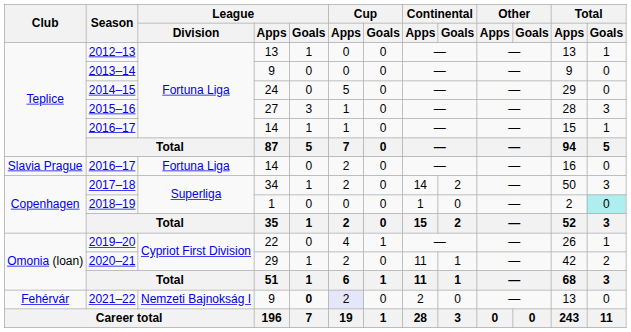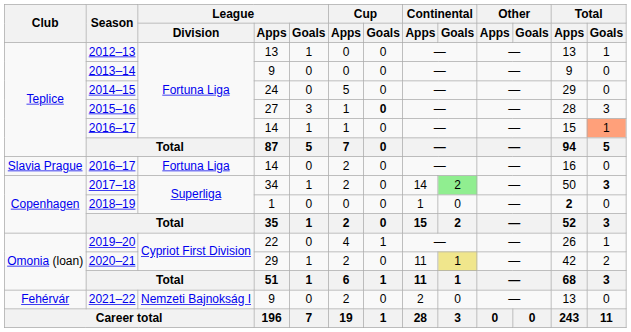 <table class="wikitable" style="text-align:center">
 <tr>
 <th rowspan="2">Club</th>
 <th rowspan="2">Season</th>
 <th colspan="3">League</th>
 <th colspan="2">Cup</th>
 <th colspan="2">Continental</th>
 <th colspan="2">Other</th>
 <th colspan="2">Total</th>
 </tr>
 <tr>
 <th>Division</th>
 <th>Apps</th>
 <th>Goals</th>
 <th>Apps</th>
 <th>Goals</th>
 <th>Apps</th>
 <th>Goals</th>
 <th>Apps</th>
 <th>Goals</th>
 <th>Apps</th>
 <th>Goals</th>
 </tr>
 <tr>
 <td rowspan="6"><a href='#'>Teplice</a></td>
 <td><a href='#'>2012–13</a></td>
 <td rowspan="5"><a href='#'>Fortuna Liga</a></td>
 <td>13</td>
 <td>1</td>
 <td>0</td>
 <td>0</td>
 <td colspan=2>—</td>
 <td colspan=2>—</td>
 <td>13</td>
 <td>1</td>
 </tr>
 <tr>
 <td><a href='#'>2013–14</a></td>
 <td>9</td>
 <td>0</td>
 <td>0</td>
 <td>0</td>
 <td colspan=2>—</td>
 <td colspan=2>—</td>
 <td>9</td>
 <td>0</td>
 </tr>
 <tr>
 <td><a href='#'>2014–15</a></td>
 <td>24</td>
 <td>0</td>
 <td>5</td>
 <td>0</td>
 <td colspan=2>—</td>
 <td colspan=2>—</td>
 <td>29</td>
 <td>0</td>
 </tr>
 <tr>
 <td><a href='#'>2015–16</a></td>
 <td>27</td>
 <td>3</td>
 <td>1</td>
-<td>0</td>
+<td><strong>0</strong></td>
 <td colspan=2>—</td>
 <td colspan=2>—</td>
 <td>28</td>
 <td>3</td>
 </tr>
 <tr>
 <td><a href='#'>2016–17</a></td>
 <td>14</td>
 <td>1</td>
 <td>1</td>
 <td>0</td>
 <td colspan=2>—</td>
 <td colspan=2>—</td>
 <td>15</td>
-<td>1</td>
+<td style="background: lightsalmon;">1</td>
 </tr>
 <tr>
 <th colspan="2">Total</th>
 <th>87</th>
 <th>5</th>
 <th>7</th>
 <th>0</th>
 <th colspan=2>—</th>
 <th colspan=2>—</th>
 <th>94</th>
 <th>5</th>
 </tr>
 <tr>
 <td><a href='#'>Slavia Prague</a></td>
 <td><a href='#'>2016–17</a></td>
 <td><a href='#'>Fortuna Liga</a></td>
 <td>14</td>
 <td>0</td>
 <td>2</td>
 <td>0</td>
 <td colspan=2>—</td>
 <td colspan=2>—</td>
 <td>16</td>
 <td>0</td>
 </tr>
 <tr>
 <td rowspan="3"><a href='#'>Copenhagen</a></td>
 <td><a href='#'>2017–18</a></td>
 <td rowspan="2"><a href='#'>Superliga</a></td>
 <td>34</td>
 <td>1</td>
 <td>2</td>
 <td>0</td>
 <td>14</td>
-<td>2</td>
+<td style="background: lightgreen;">2</td>
 <td colspan=2>—</td>
 <td>50</td>
-<td>3</td>
+<td><strong>3</strong></td>
 </tr>
 <tr>
 <td><a href='#'>2018–19</a></td>
 <td>1</td>
 <td>0</td>
 <td>0</td>
 <td>0</td>
 <td>1</td>
 <td>0</td>
 <td colspan=2>—</td>
-<td>2</td>
-<td style="background: paleturquoise;">0</td>
+<td><strong>2</strong></td>
+<td>0</td>
 </tr>
 <tr>
 <th colspan="2">Total</th>
 <th>35</th>
 <th>1</th>
 <th>2</th>
 <th>0</th>
 <th>15</th>
 <th>2</th>
 <th colspan=2>—</th>
 <th>52</th>
 <th>3</th>
 </tr>
 <tr>
 <td rowspan=3><a href='#'>Omonia</a> (loan)</td>
 <td><a href='#'>2019–20</a></td>
 <td rowspan=2><a href='#'>Cypriot First Division</a></td>
 <td>22</td>
 <td>0</td>
 <td>4</td>
 <td>1</td>
 <td colspan=2>—</td>
 <td colspan=2>—</td>
 <td>26</td>
 <td>1</td>
 </tr>
 <tr>
 <td><a href='#'>2020–21</a></td>
 <td>29</td>
 <td>1</td>
 <td>2</td>
 <td>0</td>
 <td>11</td>
-<td>1</td>
+<td style="background: khaki;">1</td>
 <td colspan=2>—</td>
 <td>42</td>
 <td>2</td>
 </tr>
 <tr>
 <th colspan="2">Total</th>
 <th>51</th>
 <th>1</th>
 <th>6</th>
 <th>1</th>
 <th>11</th>
 <th>1</th>
 <th colspan=2>—</th>
 <th>68</th>
 <th>3</th>
 </tr>
 <tr>
 <td><a href='#'>Fehérvár</a></td>
 <td><a href='#'>2021–22</a></td>
 <td><a href='#'>Nemzeti Bajnokság I</a></td>
 <td>9</td>
-<td><strong>0</strong></td>
-<td style="background: lavender;">2</td>
+<td>0</td>
+<td>2</td>
 <td>0</td>
 <td>2</td>
 <td>0</td>
 <td colspan=2>—</td>
 <td>13</td>
 <td>0</td>
 </tr>
 <tr>
 <th colspan="3">Career total</th>
 <th>196</th>
 <th>7</th>
 <th>19</th>
 <th>1</th>
 <th>28</th>
 <th>3</th>
 <th>0</th>
 <th>0</th>
 <th>243</th>
 <th>11</th>
 </tr>
 </table>
